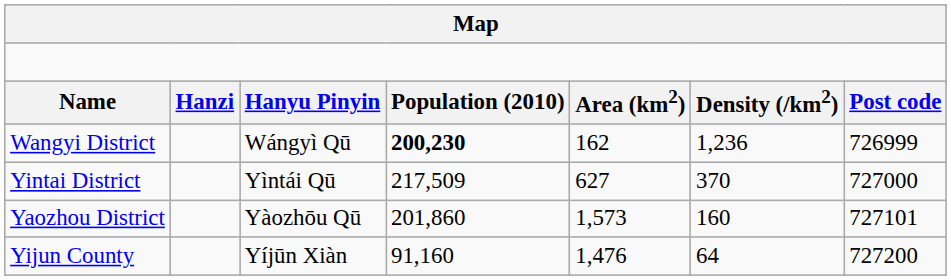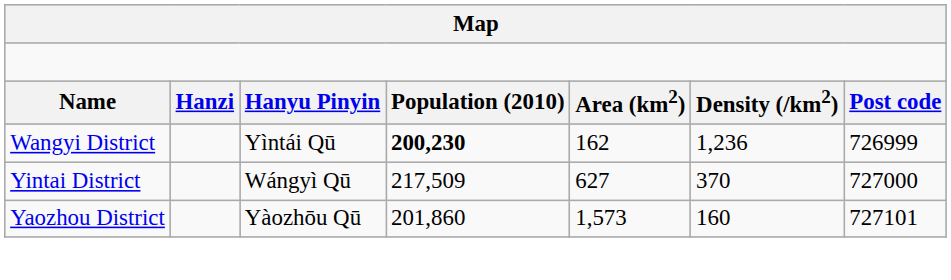 <table class="wikitable" style="font-size:90%;" align=center>
 <tr>
 <th colspan="7">Map</th>
 </tr>
 <tr>
 <td colspan="7"><div><br>       </div></td>
 </tr>
 <tr>
 <th>Name</th>
 <th><a href='#'>Hanzi</a></th>
 <th><a href='#'>Hanyu Pinyin</a></th>
 <th>Population (2010)</th>
 <th>Area (km<sup>2</sup>)</th>
 <th>Density (/km<sup>2</sup>)</th>
 <th><a href='#'><strong>Post code</strong></a></th>
 </tr>
 <tr --------->
 <td><a href='#'>Wangyi District</a></td>
 <td></td>
-<td>Wángyì Qū</td>
+<td>Yìntái Qū</td>
 <td><strong>200,230</strong></td>
 <td>162</td>
 <td>1,236</td>
 <td>726999</td>
 </tr>
 <tr --------->
 <td><a href='#'>Yintai District</a></td>
 <td></td>
-<td>Yìntái Qū</td>
+<td>Wángyì Qū</td>
 <td>217,509</td>
 <td>627</td>
 <td>370</td>
 <td>727000</td>
 </tr>
 <tr --------->
 <td><a href='#'>Yaozhou District</a></td>
 <td></td>
 <td>Yàozhōu Qū</td>
 <td>201,860</td>
 <td>1,573</td>
 <td>160</td>
 <td>727101</td>
 </tr>
-<tr --------->
-<td><a href='#'>Yijun County</a></td>
-<td></td>
-<td>Yíjūn Xiàn</td>
-<td>91,160</td>
-<td>1,476</td>
-<td>64</td>
-<td>727200</td>
-</tr>
 </table>
